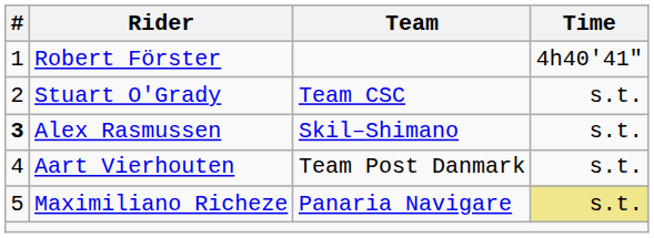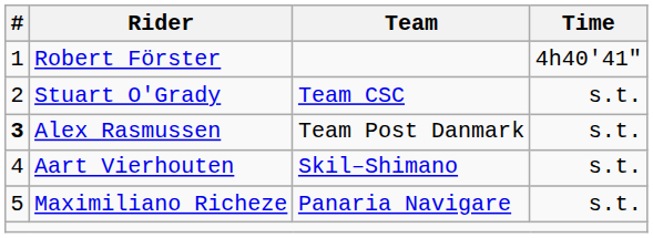 <table class="wikitable">
 <tr>
 <th>#</th>
 <th>Rider</th>
 <th>Team</th>
 <th>Time</th>
 </tr>
 <tr>
 <td align=right>1</td>
 <td> <a href='#'>Robert Förster</a></td>
 <td></td>
 <td align=right>4h40'41"</td>
 </tr>
 <tr>
 <td align=right>2</td>
 <td> <a href='#'>Stuart O'Grady</a></td>
 <td><a href='#'>Team CSC</a></td>
 <td align=right>s.t.</td>
 </tr>
 <tr>
 <td align=right><strong>3</strong></td>
 <td> <a href='#'>Alex Rasmussen</a></td>
-<td><a href='#'>Skil–Shimano</a></td>
+<td>Team Post Danmark</td>
 <td align=right>s.t.</td>
 </tr>
 <tr>
 <td align=right>4</td>
 <td> <a href='#'>Aart Vierhouten</a></td>
-<td>Team Post Danmark</td>
+<td><a href='#'>Skil–Shimano</a></td>
 <td align=right>s.t.</td>
 </tr>
 <tr>
 <td align=right>5</td>
 <td> <a href='#'>Maximiliano Richeze</a></td>
 <td><a href='#'>Panaria Navigare</a></td>
-<td align=right style="background: khaki;">s.t.</td>
+<td align=right>s.t.</td>
 </tr>
 <tr>
 <td align=right colspan=5></td>
 </tr>
 </table>
